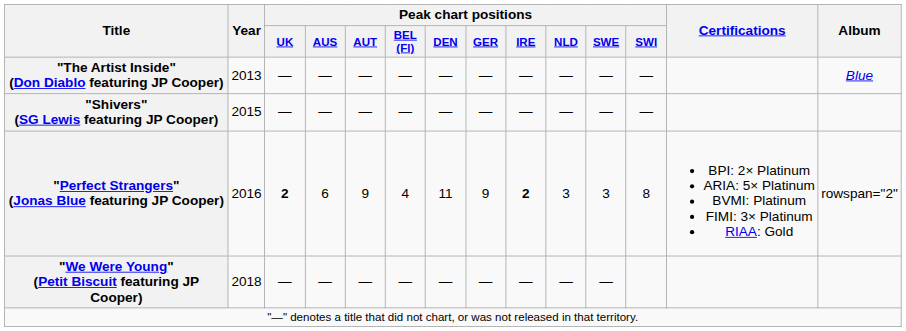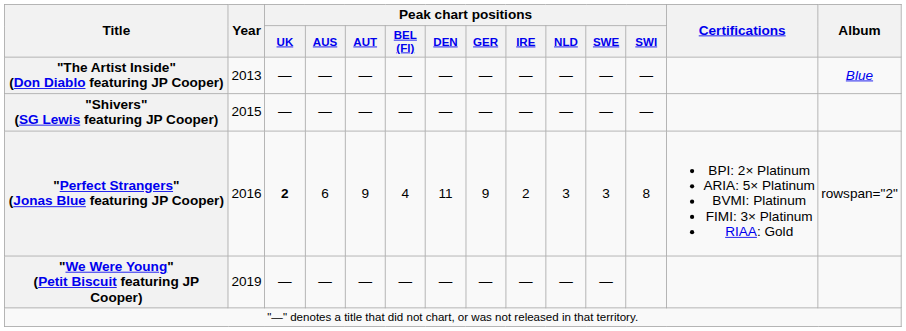 <table class="wikitable plainrowheaders" style="text-align:center;">
 <tr>
 <th scope="col" rowspan="2" style="width:16em;">Title</th>
 <th scope="col" rowspan="2" style="width:1em;">Year</th>
 <th scope="col" colspan="10">Peak chart positions</th>
 <th scope="col" rowspan="2"><a href='#'>Certifications</a></th>
 <th scope="col" rowspan="2">Album</th>
 </tr>
 <tr>
 <th scope="col" style="width:3em;font-size:85%;"><a href='#'>UK</a><br></th>
 <th scope="col" style="width:3em;font-size:85%;"><a href='#'>AUS</a><br></th>
 <th scope="col" style="width:3em;font-size:85%;"><a href='#'>AUT</a><br></th>
 <th scope="col" style="width:3em;font-size:85%;"><a href='#'>BEL<br>(Fl)</a><br></th>
 <th scope="col" style="width:3em;font-size:85%;"><a href='#'>DEN</a><br></th>
 <th scope="col" style="width:3em;font-size:85%;"><a href='#'>GER</a><br></th>
 <th scope="col" style="width:3em;font-size:85%;"><a href='#'>IRE</a><br></th>
 <th scope="col" style="width:3em;font-size:85%;"><a href='#'>NLD</a><br></th>
 <th scope="col" style="width:3em;font-size:85%;"><a href='#'>SWE</a><br></th>
 <th scope="col" style="width:3em;font-size:85%;"><a href='#'>SWI</a><br></th>
 </tr>
 <tr>
 <th scope="row">"The Artist Inside"<br><span>(<a href='#'>Don Diablo</a> featuring JP Cooper)</span></th>
 <td>2013</td>
 <td>—</td>
 <td>—</td>
 <td>—</td>
 <td>—</td>
 <td>—</td>
 <td>—</td>
 <td>—</td>
 <td>—</td>
 <td>—</td>
 <td>—</td>
 <td></td>
 <td><em><a href='#'>Blue</a></em></td>
 </tr>
 <tr>
 <th scope="row">"Shivers"<br><span>(<a href='#'>SG Lewis</a> featuring JP Cooper)</span></th>
 <td>2015</td>
 <td>—</td>
 <td>—</td>
 <td>—</td>
 <td>—</td>
 <td>—</td>
 <td>—</td>
 <td>—</td>
 <td>—</td>
 <td>—</td>
 <td>—</td>
 <td></td>
 </tr>
 <tr>
 <th scope="row">"<a href='#'>Perfect Strangers</a>"<br><span>(<a href='#'>Jonas Blue</a> featuring JP Cooper)</span></th>
 <td>2016</td>
 <td><strong>2</strong></td>
 <td>6</td>
 <td>9</td>
 <td>4</td>
 <td>11</td>
 <td>9</td>
-<td><strong>2</strong></td>
+<td>2</td>
 <td>3</td>
 <td>3</td>
 <td>8</td>
 <td><br><ul><li>BPI: 2× Platinum</li><li>ARIA: 5× Platinum</li><li>BVMI: Platinum</li><li>FIMI: 3× Platinum</li><li><a href='#'>RIAA</a>: Gold</li></ul></td>
 <td>rowspan="2" </td>
 </tr>
 <tr>
 <th scope="row">"<a href='#'>We Were Young</a>"<br><span>(<a href='#'>Petit Biscuit</a> featuring JP Cooper)</span></th>
-<td>2018</td>
+<td>2019</td>
 <td>—</td>
 <td>—</td>
 <td>—</td>
 <td>—</td>
 <td>—</td>
 <td>—</td>
 <td>—</td>
 <td>—</td>
 <td>—</td>
 <td —></td>
 <td></td>
 <td></td>
 </tr>
 <tr>
 <td colspan="14" style="text-align:center; font-size:85%;">"—" denotes a title that did not chart, or was not released in that territory.</td>
 </tr>
 </table>
